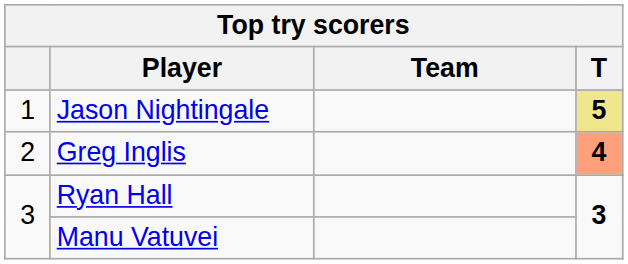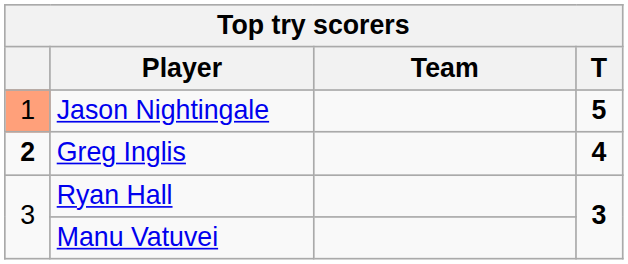 <table class="wikitable" style="text-align:center;">
 <tr>
 <th colspan="10"><strong>Top try scorers</strong></th>
 </tr>
 <tr>
 <th style="width:20px;" abbr="Position"></th>
 <th width=150>Player</th>
 <th width=150>Team</th>
 <th style="width:20px;" abbr="Tries">T</th>
 </tr>
 <tr>
-<td>1</td>
+<td style="background: lightsalmon;">1</td>
 <td style="text-align:left;"><a href='#'>Jason Nightingale</a></td>
 <td></td>
-<td style="background: khaki;"><strong>5</strong></td>
+<td><strong>5</strong></td>
 </tr>
 <tr>
-<td>2</td>
+<td><strong>2</strong></td>
 <td style="text-align:left;"><a href='#'>Greg Inglis</a></td>
 <td></td>
-<td style="background: lightsalmon;"><strong>4</strong></td>
+<td><strong>4</strong></td>
 </tr>
 <tr>
 <td rowspan=2>3</td>
 <td style="text-align:left;"><a href='#'>Ryan Hall</a></td>
 <td></td>
 <td rowspan=2><strong>3</strong></td>
 </tr>
 <tr>
 <td style="text-align:left;"><a href='#'>Manu Vatuvei</a></td>
 <td></td>
 </tr>
 </table>
